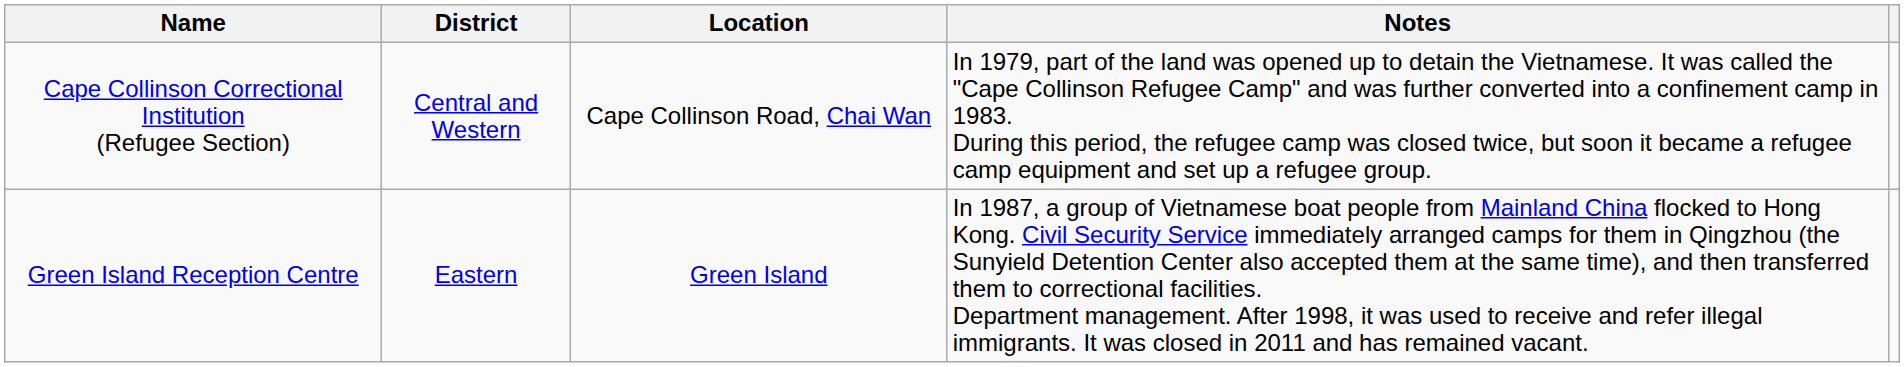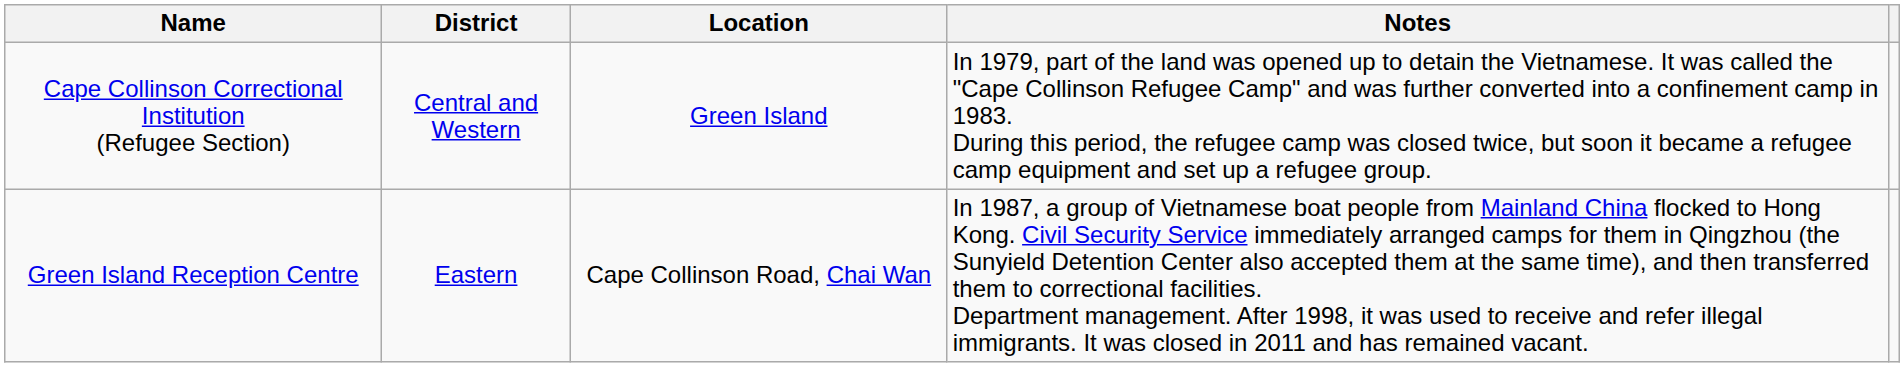 <table class="wikitable" style="width:100%; text-align:center">
 <tr>
 <th width="20%">Name</th>
 <th width="10%">District</th>
 <th width="20%">Location</th>
 <th width="60%">Notes</th>
 <th width="10%"></th>
 </tr>
 <tr>
 <td><a href='#'>Cape Collinson Correctional Institution</a><br>(Refugee Section)</td>
 <td><a href='#'>Central and Western</a></td>
-<td>Cape Collinson Road, <a href='#'>Chai Wan</a></td>
+<td><a href='#'>Green Island</a></td>
 <td style="text-align:left">In 1979, part of the land was opened up to detain the Vietnamese. It was called the "Cape Collinson Refugee Camp" and was further converted into a confinement camp in 1983.<br>During this period, the refugee camp was closed twice, but soon it became a refugee camp equipment and set up a refugee group.</td>
 <td></td>
 </tr>
 <tr>
 <td><a href='#'>Green Island Reception Centre</a></td>
 <td><a href='#'>Eastern</a></td>
-<td><a href='#'>Green Island</a></td>
+<td>Cape Collinson Road, <a href='#'>Chai Wan</a></td>
 <td style="text-align:left">In 1987, a group of Vietnamese boat people from <a href='#'>Mainland China</a> flocked to Hong Kong. <a href='#'>Civil Security Service</a> immediately arranged camps for them in Qingzhou (the Sunyield Detention Center also accepted them at the same time), and then transferred them to correctional facilities.<br>Department management. After 1998, it was used to receive and refer illegal immigrants. It was closed in 2011 and has remained vacant.</td>
 <td></td>
 </tr>
 </table>
